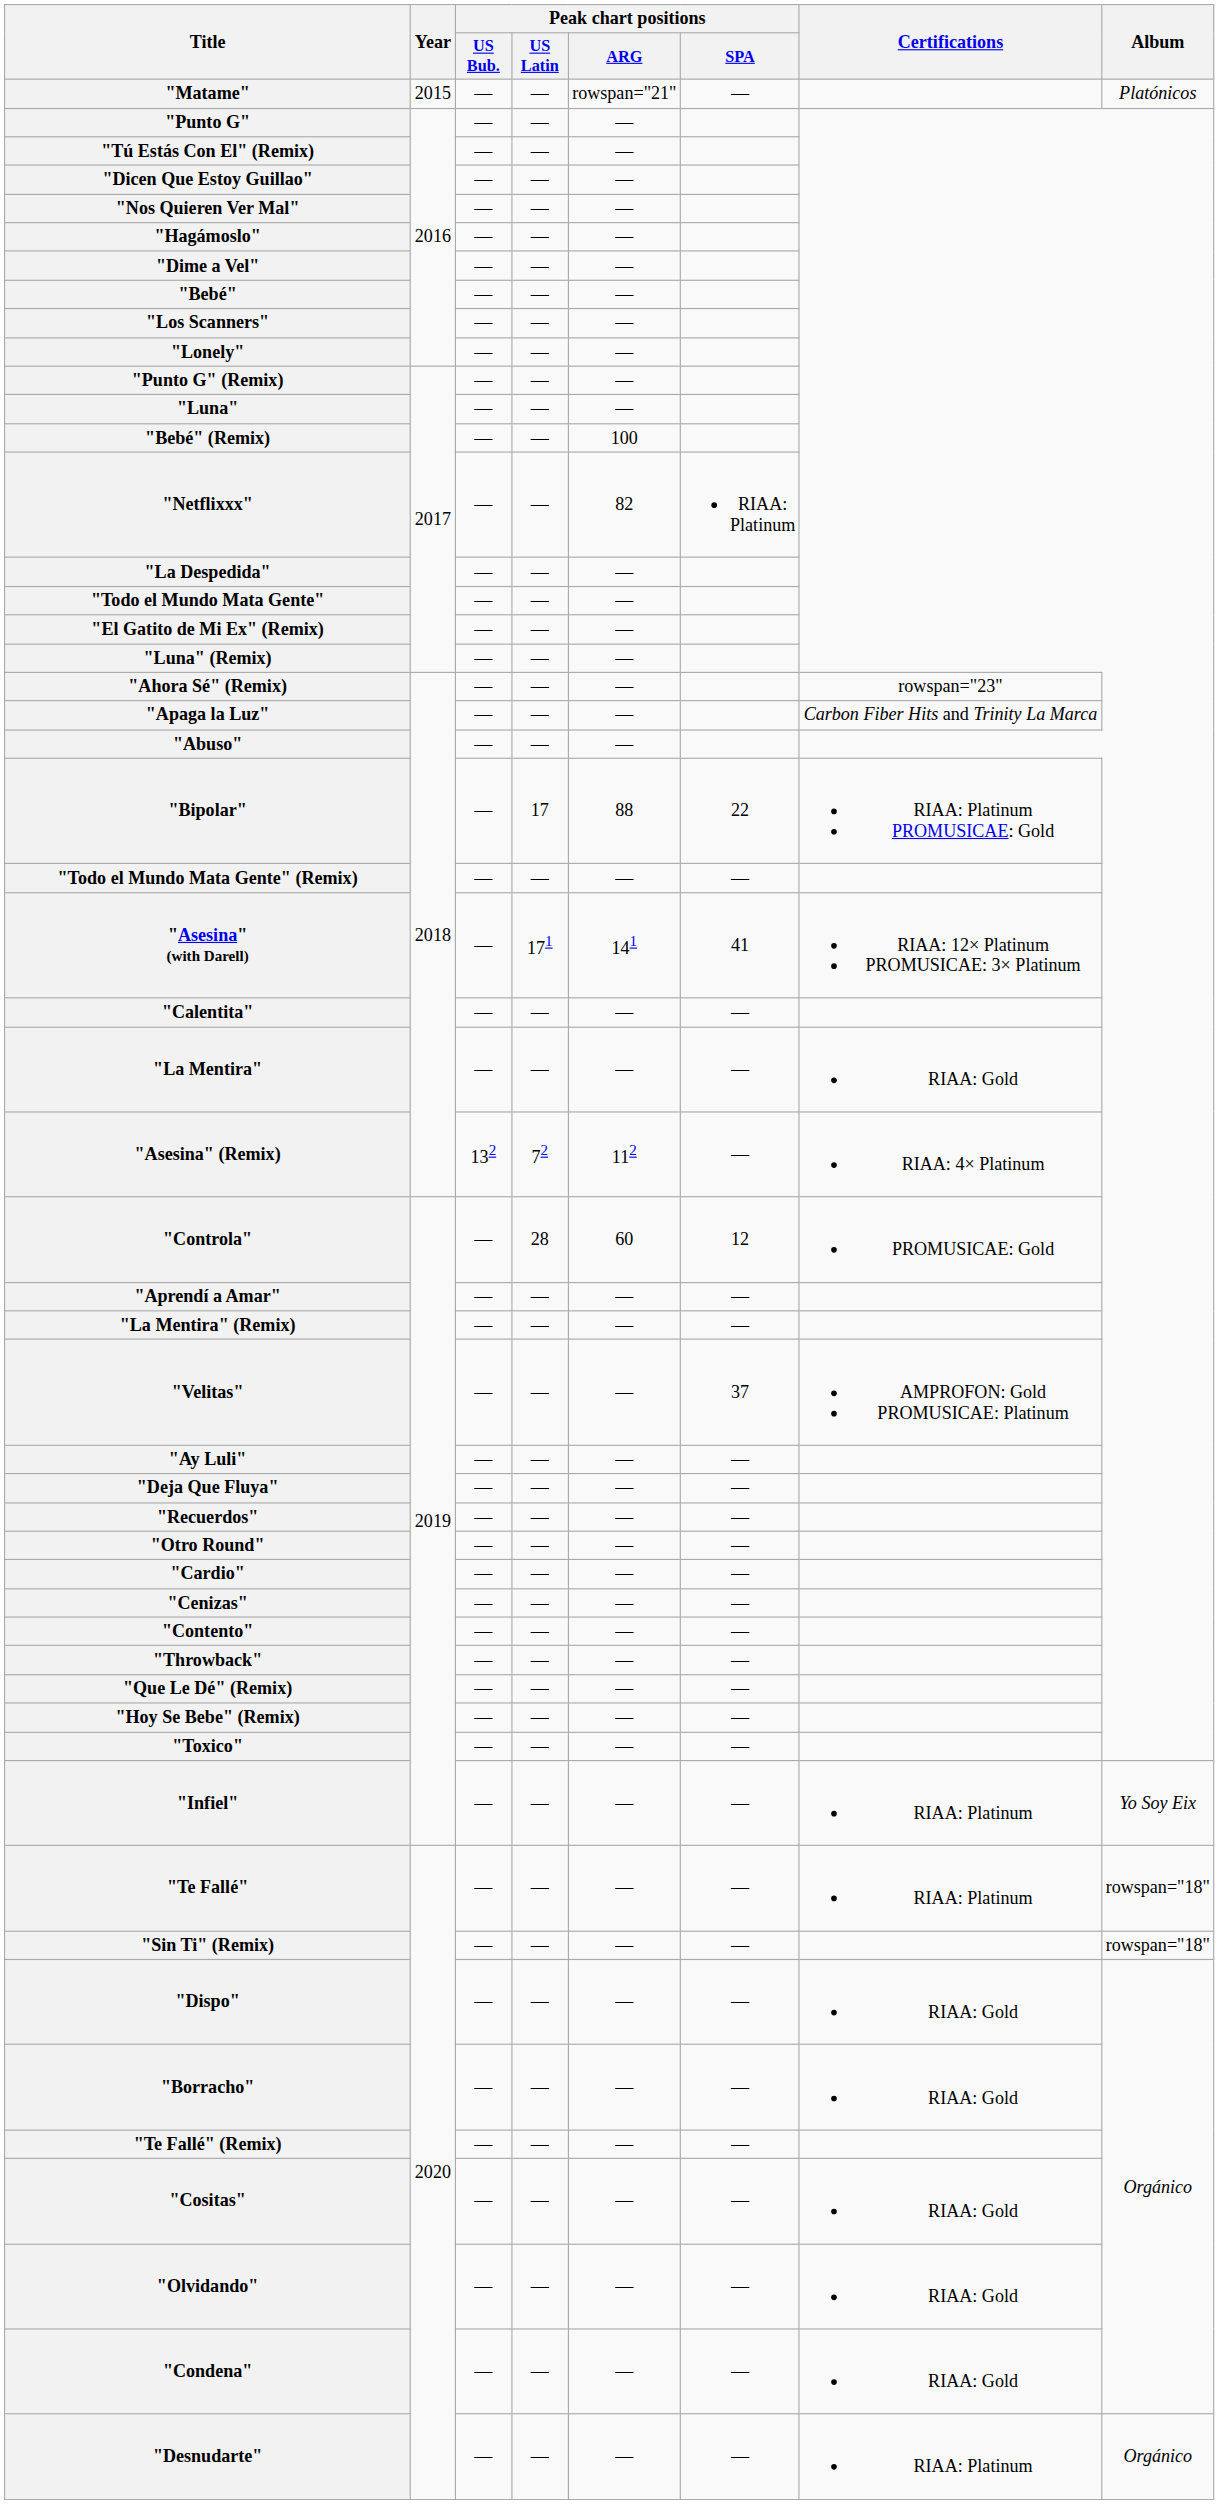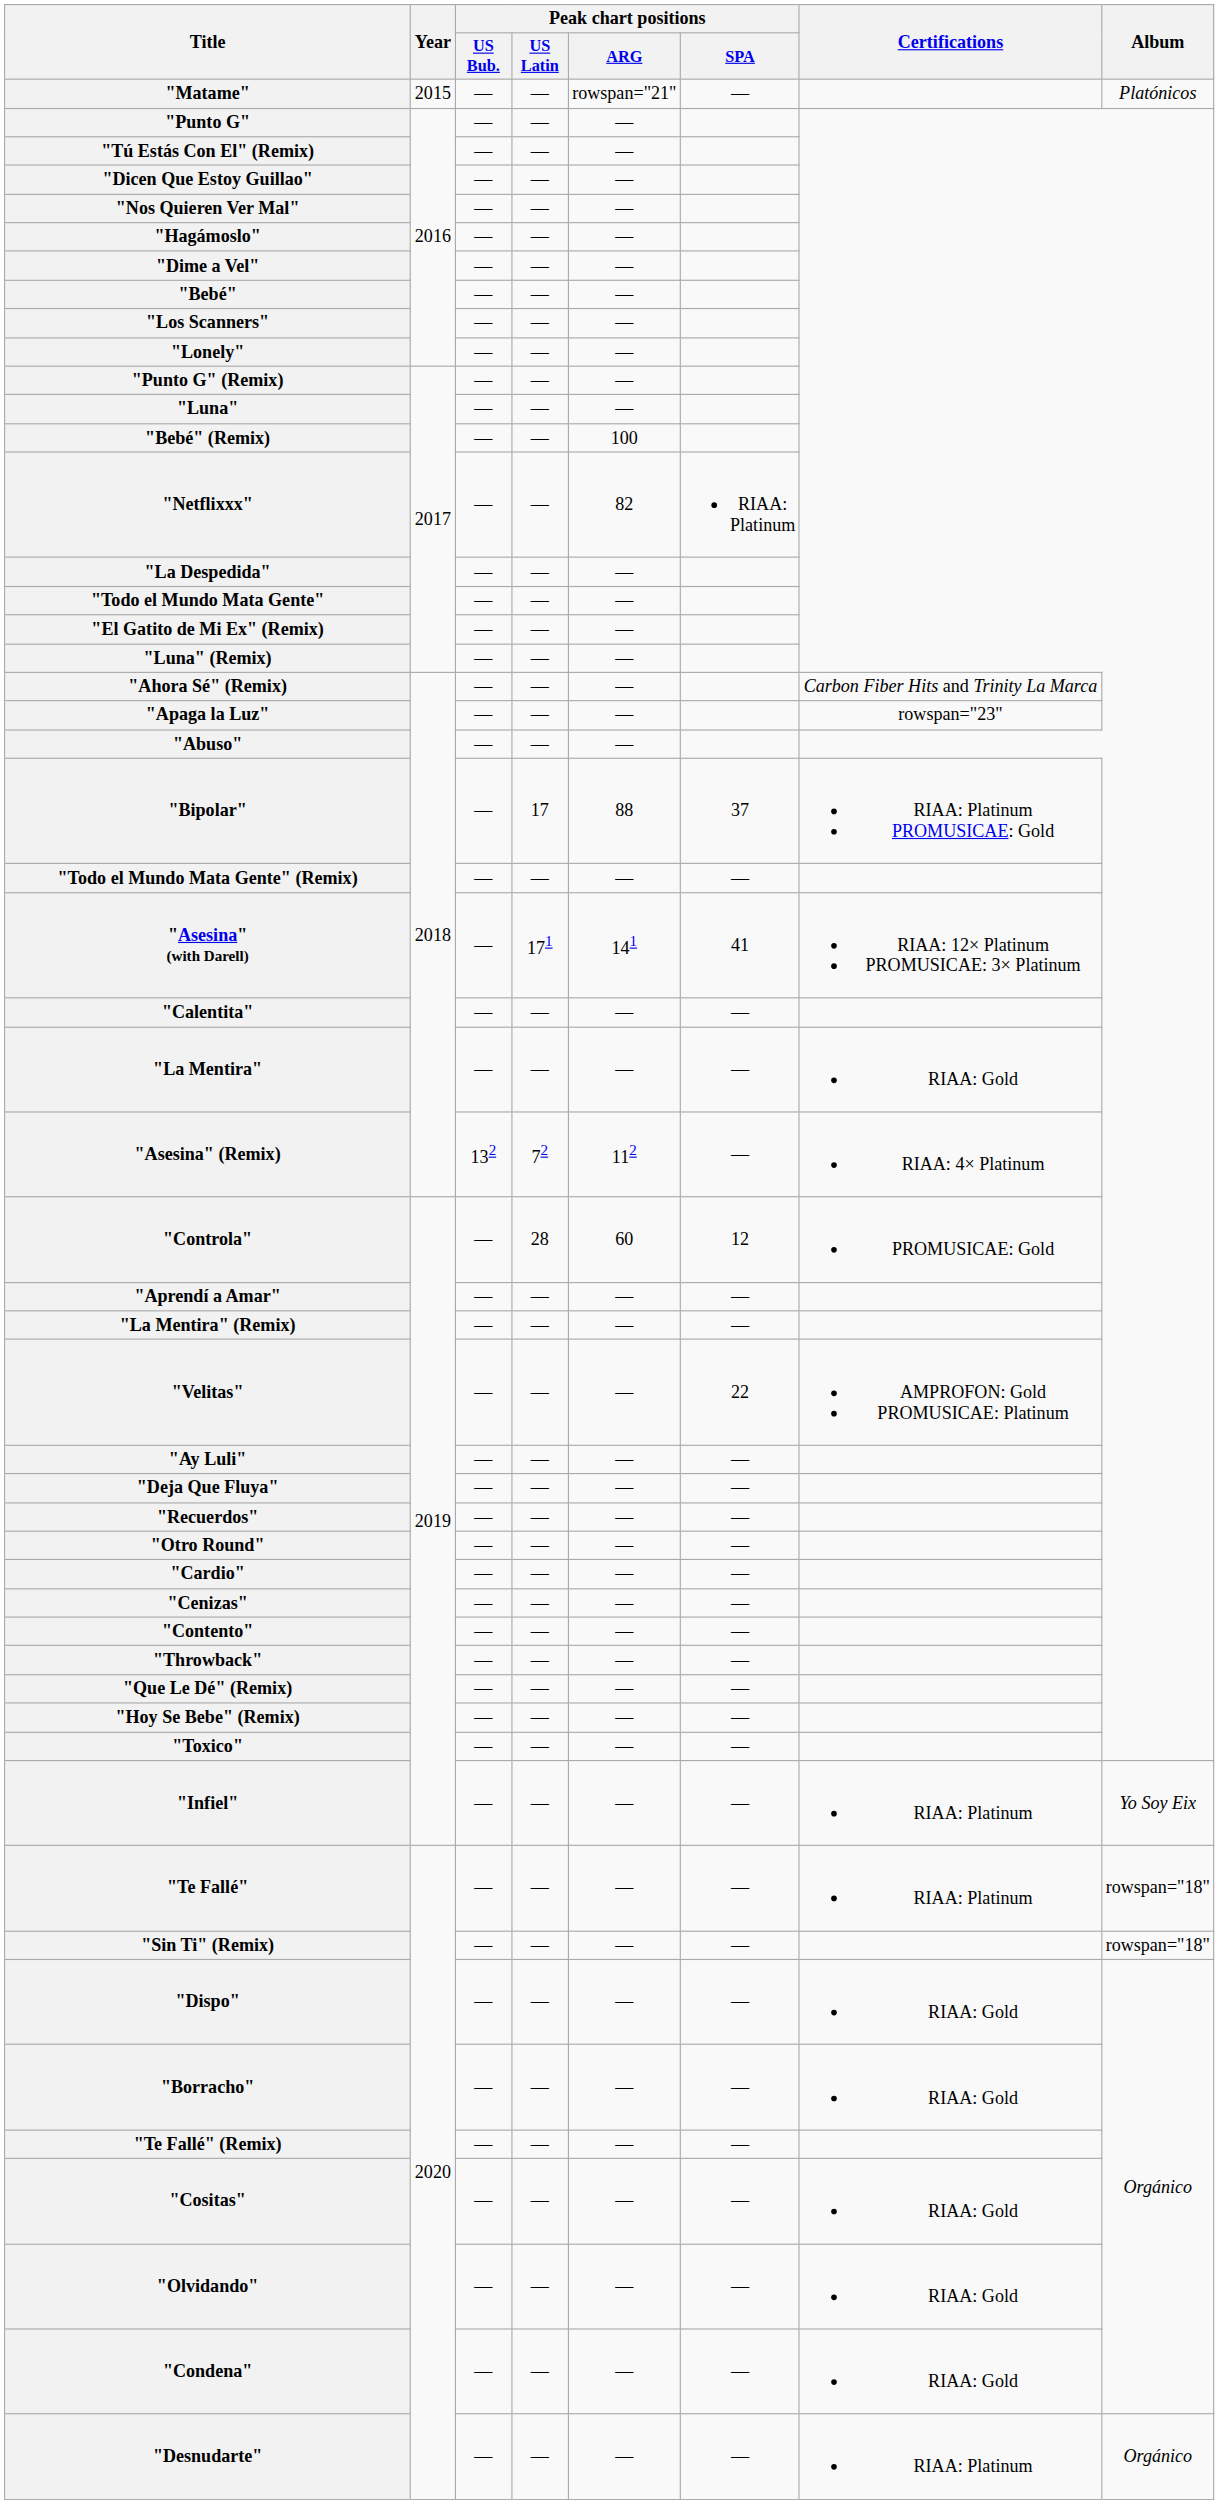 <table class="wikitable plainrowheaders" style="text-align:center;">
 <tr>
 <th scope="col" rowspan="2" style="width:22em;">Title</th>
 <th scope="col" rowspan="2">Year</th>
 <th scope="col" colspan="4">Peak chart positions</th>
 <th scope="col" rowspan="2"><a href='#'>Certifications</a></th>
 <th scope="col" rowspan="2">Album</th>
 </tr>
 <tr>
 <th scope="col" style="width:3em;font-size:90%;"><a href='#'>US<br>Bub.</a><br></th>
 <th scope="col" style="width:3em;font-size:90%;"><a href='#'>US<br>Latin</a><br></th>
 <th scope="col" style="width:3em;font-size:90%;"><a href='#'>ARG</a><br></th>
 <th scope="col" style="width:3em;font-size:90%;"><a href='#'>SPA</a><br></th>
 </tr>
 <tr>
 <th scope="row">"Matame"</th>
 <td>2015</td>
 <td>—</td>
 <td>—</td>
 <td>rowspan="21" </td>
 <td>—</td>
 <td></td>
 <td><em>Platónicos</em></td>
 </tr>
 <tr>
 <th scope="row">"Punto G"<br></th>
 <td rowspan="9">2016</td>
 <td>—</td>
 <td>—</td>
 <td>—</td>
 <td></td>
 </tr>
 <tr>
 <th scope="row">"Tú Estás Con El" (Remix)<br></th>
 <td>—</td>
 <td>—</td>
 <td>—</td>
 <td></td>
 </tr>
 <tr>
 <th scope="row">"Dicen Que Estoy Guillao"<br></th>
 <td>—</td>
 <td>—</td>
 <td>—</td>
 <td></td>
 </tr>
 <tr>
 <th scope="row">"Nos Quieren Ver Mal"<br></th>
 <td>—</td>
 <td>—</td>
 <td>—</td>
 <td></td>
 </tr>
 <tr>
 <th scope="row">"Hagámoslo"</th>
 <td>—</td>
 <td>—</td>
 <td>—</td>
 <td></td>
 </tr>
 <tr>
 <th scope="row">"Dime a Vel"<br></th>
 <td>—</td>
 <td>—</td>
 <td>—</td>
 <td></td>
 </tr>
 <tr>
 <th scope="row">"Bebé"</th>
 <td>—</td>
 <td>—</td>
 <td>—</td>
 <td></td>
 </tr>
 <tr>
 <th scope="row">"Los Scanners"<br></th>
 <td>—</td>
 <td>—</td>
 <td>—</td>
 <td></td>
 </tr>
 <tr>
 <th scope="row">"Lonely"<br></th>
 <td>—</td>
 <td>—</td>
 <td>—</td>
 <td></td>
 </tr>
 <tr>
 <th scope="row">"Punto G" (Remix)<br></th>
 <td rowspan="8">2017</td>
 <td>—</td>
 <td>—</td>
 <td>—</td>
 <td></td>
 </tr>
 <tr>
 <th scope="row">"Luna"</th>
 <td>—</td>
 <td>—</td>
 <td>—</td>
 <td></td>
 </tr>
 <tr>
 <th scope="row">"Bebé" (Remix)<br></th>
 <td>—</td>
 <td>—</td>
 <td>100</td>
 <td></td>
 </tr>
 <tr>
 <th scope="row">"Netflixxx"<br></th>
 <td>—</td>
 <td>—</td>
 <td>82</td>
 <td><br><ul><li>RIAA: Platinum </li></ul></td>
 </tr>
 <tr>
 <th scope="row">"La Despedida"</th>
 <td>—</td>
 <td>—</td>
 <td>—</td>
 <td></td>
 </tr>
 <tr>
 <th scope="row">"Todo el Mundo Mata Gente"<br></th>
 <td>—</td>
 <td>—</td>
 <td>—</td>
 <td></td>
 </tr>
 <tr>
 <th scope="row">"El Gatito de Mi Ex" (Remix)<br></th>
 <td>—</td>
 <td>—</td>
 <td>—</td>
 <td></td>
 </tr>
 <tr>
 <th scope="row">"Luna" (Remix)<br></th>
 <td>—</td>
 <td>—</td>
 <td>—</td>
 <td></td>
 </tr>
 <tr>
 <th scope="row">"Ahora Sé" (Remix)<br></th>
 <td rowspan="9">2018</td>
 <td>—</td>
 <td>—</td>
 <td>—</td>
 <td></td>
-<td>rowspan="23" </td>
+<td><em>Carbon Fiber Hits</em> and <em>Trinity La Marca</em></td>
 </tr>
 <tr>
 <th scope="row">"Apaga la Luz"<br></th>
 <td>—</td>
 <td>—</td>
 <td>—</td>
 <td></td>
-<td><em>Carbon Fiber Hits</em> and <em>Trinity La Marca</em></td>
+<td>rowspan="23" </td>
 </tr>
 <tr>
 <th scope="row">"Abuso"<br></th>
 <td>—</td>
 <td>—</td>
 <td>—</td>
 <td></td>
 </tr>
 <tr>
 <th scope="row">"Bipolar"<br></th>
 <td>—</td>
 <td>17</td>
 <td>88</td>
-<td>22</td>
+<td>37</td>
 <td><br><ul><li>RIAA: Platinum </li><li><a href='#'>PROMUSICAE</a>: Gold</li></ul></td>
 </tr>
 <tr>
 <th scope="row">"Todo el Mundo Mata Gente" (Remix)<br></th>
 <td>—</td>
 <td>—</td>
 <td>—</td>
 <td>—</td>
 <td></td>
 </tr>
 <tr>
 <th scope="row">"<a href='#'>Asesina</a>"<br><small>(with Darell)</small></th>
 <td>—</td>
 <td>17<sup><a href='#'>1</a></sup><br></td>
 <td>14<sup><a href='#'>1</a></sup><br></td>
 <td>41</td>
 <td><br><ul><li>RIAA: 12× Platinum </li><li>PROMUSICAE: 3× Platinum</li></ul></td>
 </tr>
 <tr>
 <th scope="row">"Calentita"<br></th>
 <td>—</td>
 <td>—</td>
 <td>—</td>
 <td>—</td>
 <td></td>
 </tr>
 <tr>
 <th scope="row">"La Mentira"<br></th>
 <td>—</td>
 <td>—</td>
 <td>—</td>
 <td>—</td>
 <td><br><ul><li>RIAA: Gold </li></ul></td>
 </tr>
 <tr>
 <th scope="row">"Asesina" (Remix)<br></th>
 <td>13<sup><a href='#'>2</a></sup></td>
 <td>7<sup><a href='#'>2</a></sup></td>
 <td>11<sup><a href='#'>2</a></sup></td>
 <td>—</td>
 <td><br><ul><li>RIAA: 4× Platinum </li></ul></td>
 </tr>
 <tr>
 <th scope="row">"Controla"<br></th>
 <td rowspan="16">2019</td>
 <td>—</td>
 <td>28</td>
 <td>60</td>
 <td>12</td>
 <td><br><ul><li>PROMUSICAE: Gold</li></ul></td>
 </tr>
 <tr>
 <th scope="row">"Aprendí a Amar"</th>
 <td>—</td>
 <td>—</td>
 <td>—</td>
 <td>—</td>
 <td></td>
 </tr>
 <tr>
 <th scope="row">"La Mentira" (Remix)<br></th>
 <td>—</td>
 <td>—</td>
 <td>—</td>
 <td>—</td>
 <td></td>
 </tr>
 <tr>
 <th scope="row">"Velitas"<br></th>
 <td>—</td>
 <td>—</td>
 <td>—</td>
-<td>37</td>
+<td>22</td>
 <td><br><ul><li>AMPROFON: Gold</li><li>PROMUSICAE: Platinum</li></ul></td>
 </tr>
 <tr>
 <th scope="row">"Ay Luli"<br></th>
 <td>—</td>
 <td>—</td>
 <td>—</td>
 <td>—</td>
 <td></td>
 </tr>
 <tr>
 <th scope="row">"Deja Que Fluya"<br></th>
 <td>—</td>
 <td>—</td>
 <td>—</td>
 <td>—</td>
 <td></td>
 </tr>
 <tr>
 <th scope="row">"Recuerdos"<br></th>
 <td>—</td>
 <td>—</td>
 <td>—</td>
 <td>—</td>
 <td></td>
 </tr>
 <tr>
 <th scope="row">"Otro Round"<br></th>
 <td>—</td>
 <td>—</td>
 <td>—</td>
 <td>—</td>
 <td></td>
 </tr>
 <tr>
 <th scope="row">"Cardio"<br></th>
 <td>—</td>
 <td>—</td>
 <td>—</td>
 <td>—</td>
 <td></td>
 </tr>
 <tr>
 <th scope="row">"Cenizas"</th>
 <td>—</td>
 <td>—</td>
 <td>—</td>
 <td>—</td>
 <td></td>
 </tr>
 <tr>
 <th scope="row">"Contento"</th>
 <td>—</td>
 <td>—</td>
 <td>—</td>
 <td>—</td>
 <td></td>
 </tr>
 <tr>
 <th scope="row">"Throwback"</th>
 <td>—</td>
 <td>—</td>
 <td>—</td>
 <td>—</td>
 <td></td>
 </tr>
 <tr>
 <th scope="row">"Que Le Dé" (Remix)<br></th>
 <td>—</td>
 <td>—</td>
 <td>—</td>
 <td>—</td>
 <td></td>
 </tr>
 <tr>
 <th scope="row">"Hoy Se Bebe" (Remix)<br></th>
 <td>—</td>
 <td>—</td>
 <td>—</td>
 <td>—</td>
 <td></td>
 </tr>
 <tr>
 <th scope="row">"Toxico"<br></th>
 <td>—</td>
 <td>—</td>
 <td>—</td>
 <td>—</td>
 <td></td>
 </tr>
 <tr>
 <th scope="row">"Infiel"<br></th>
 <td>—</td>
 <td>—</td>
 <td>—</td>
 <td>—</td>
 <td><br><ul><li>RIAA: Platinum </li></ul></td>
 <td><em>Yo Soy Eix</em></td>
 </tr>
 <tr>
 <th scope="row">"Te Fallé"</th>
 <td rowspan="9">2020</td>
 <td>—</td>
 <td>—</td>
 <td>—</td>
 <td>—</td>
 <td><br><ul><li>RIAA: Platinum </li></ul></td>
 <td>rowspan="18" </td>
 </tr>
 <tr>
 <th scope="row">"Sin Ti" (Remix)<br></th>
 <td>—</td>
 <td>—</td>
 <td>—</td>
 <td>—</td>
 <td></td>
 <td>rowspan="18" </td>
 </tr>
 <tr>
 <th scope="row">"Dispo"<br></th>
 <td>—</td>
 <td>—</td>
 <td>—</td>
 <td>—</td>
 <td><br><ul><li>RIAA: Gold </li></ul></td>
 <td rowspan="6"><em>Orgánico</em></td>
 </tr>
 <tr>
 <th scope="row">"Borracho"<br></th>
 <td>—</td>
 <td>—</td>
 <td>—</td>
 <td>—</td>
 <td><br><ul><li>RIAA: Gold </li></ul></td>
 </tr>
 <tr>
 <th scope="row">"Te Fallé" (Remix)<br></th>
 <td>—</td>
 <td>—</td>
 <td>—</td>
 <td>—</td>
 <td></td>
 </tr>
 <tr>
 <th scope="row">"Cositas"<br></th>
 <td>—</td>
 <td>—</td>
 <td>—</td>
 <td>—</td>
 <td><br><ul><li>RIAA: Gold </li></ul></td>
 </tr>
 <tr>
 <th scope="row">"Olvidando"<br></th>
 <td>—</td>
 <td>—</td>
 <td>—</td>
 <td>—</td>
 <td><br><ul><li>RIAA: Gold </li></ul></td>
 </tr>
 <tr>
 <th scope="row">"Condena"<br></th>
 <td>—</td>
 <td>—</td>
 <td>—</td>
 <td>—</td>
 <td><br><ul><li>RIAA: Gold </li></ul></td>
 </tr>
 <tr>
 <th scope="row">"Desnudarte"<br></th>
 <td>—</td>
 <td>—</td>
 <td>—</td>
 <td>—</td>
 <td><br><ul><li>RIAA: Platinum </li></ul></td>
 <td><em>Orgánico</em></td>
 </tr>
 </table>
